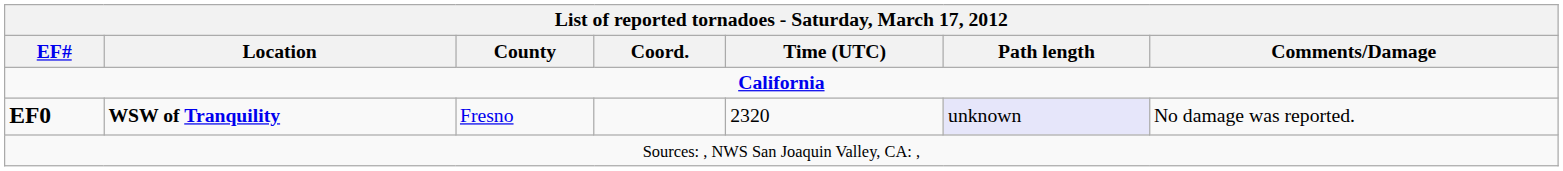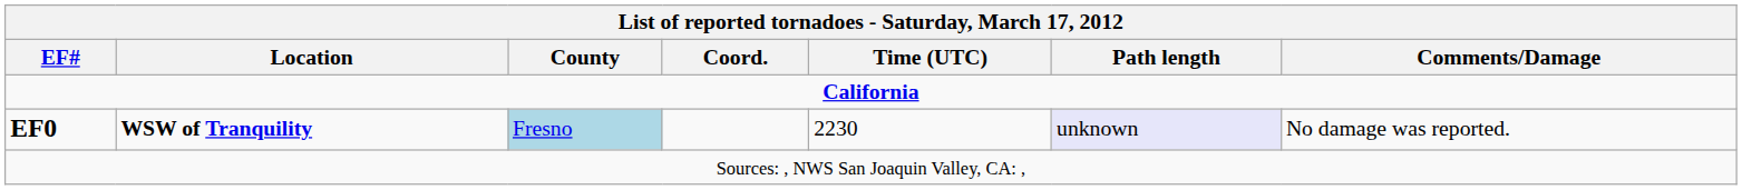 <table class="wikitable collapsible" width="100%">
 <tr>
 <th colspan="7">List of reported tornadoes - Saturday, March 17, 2012</th>
 </tr>
 <tr>
 <th><a href='#'>EF#</a></th>
 <th>Location</th>
 <th>County</th>
 <th>Coord.</th>
 <th>Time (UTC)</th>
 <th>Path length</th>
 <th>Comments/Damage</th>
 </tr>
 <tr>
 <td colspan="7" align=center><strong><a href='#'>California</a></strong></td>
 </tr>
 <tr>
 <td><big><strong>EF0</strong></big></td>
 <td><strong>WSW of <a href='#'>Tranquility</a></strong></td>
-<td><a href='#'>Fresno</a></td>
+<td style="background: lightblue;"><a href='#'>Fresno</a></td>
 <td></td>
-<td>2320</td>
+<td>2230</td>
 <td style="background: lavender;">unknown</td>
 <td>No damage was reported.</td>
 </tr>
 <tr>
 <td colspan="7" align=center><small>Sources: , NWS San Joaquin Valley, CA: , </small></td>
 </tr>
 </table>
